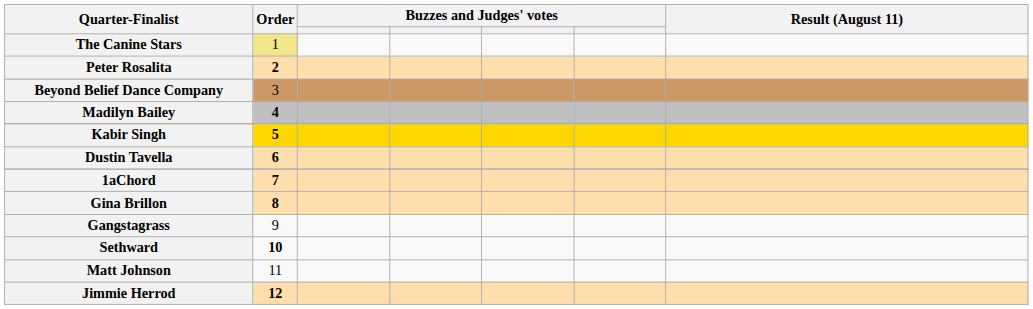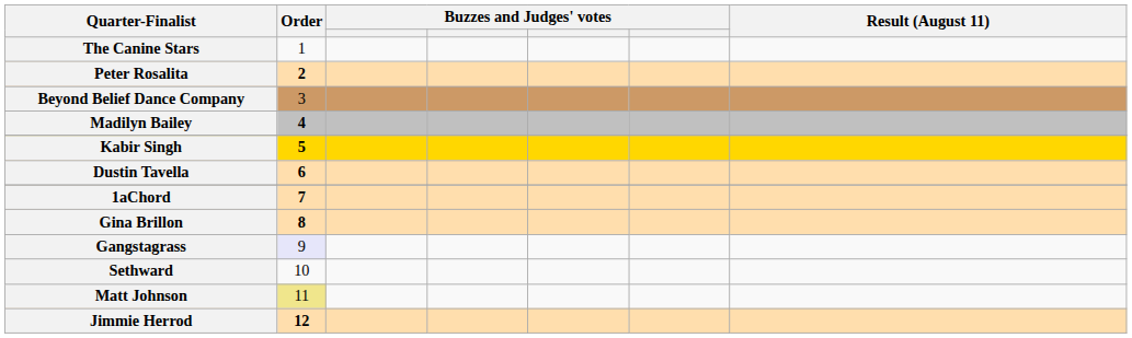 <table class="wikitable plainrowheaders sortable" style="text-align:center;">
 <tr>
 <th scope="col" rowspan="2" class="unsortable" style="width:17em;">Quarter-Finalist</th>
 <th scope="col" rowspan="2" style="width:1em;">Order</th>
 <th scope="col" colspan="4" class="unsortable" style="width:24em;">Buzzes and Judges' votes</th>
 <th scope="col" rowspan="2" style="width:25em;">Result (August 11)</th>
 </tr>
 <tr>
 <th scope="col" class="unsortable" style="width:6em;"></th>
 <th scope="col" class="unsortable" style="width:6em;"></th>
 <th scope="col" class="unsortable" style="width:6em;"></th>
 <th scope="col" class="unsortable" style="width:6em;"></th>
 </tr>
 <tr>
 <th scope="row">The Canine Stars</th>
-<td style="background: khaki;">1</td>
+<td>1</td>
 <td style="text-align:center;"></td>
 <td style="text-align:center;"></td>
 <td style="text-align:center;"></td>
 <td style="text-align:center;"></td>
 <td></td>
 </tr>
 <tr style="background:NavajoWhite">
 <th scope="row"><strong>Peter Rosalita</strong></th>
 <td><strong>2</strong></td>
 <td style="text-align:center;"></td>
 <td style="text-align:center;"></td>
 <td style="text-align:center;"></td>
 <td style="text-align:center;"></td>
 <td><strong></strong></td>
 </tr>
 <tr style="background:#c96">
 <th scope="row">Beyond Belief Dance Company </th>
 <td>3</td>
 <td style="text-align:center;"></td>
 <td style="text-align:center;"></td>
 <td style="text-align:center;"></td>
 <td style="text-align:center;"></td>
 <td></td>
 </tr>
 <tr style="background:silver">
 <th scope="row"><strong>Madilyn Bailey</strong></th>
 <td><strong>4</strong></td>
 <td style="text-align:center;"></td>
 <td style="text-align:center;"></td>
 <td style="text-align:center;"></td>
 <td style="text-align:center;"></td>
 <td><strong></strong></td>
 </tr>
 <tr>
 </tr>
 <tr style="background:gold">
 <th scope="row"><strong>Kabir Singh</strong></th>
 <td><strong>5</strong></td>
 <td style="text-align:center;"></td>
 <td style="text-align:center;"></td>
 <td style="text-align:center;"></td>
 <td style="text-align:center;"></td>
 <td><strong></strong></td>
 </tr>
 <tr style="background:NavajoWhite">
 <th scope="row"><strong>Dustin Tavella</strong></th>
 <td><strong>6</strong></td>
 <td style="text-align:center;"></td>
 <td style="text-align:center;"></td>
 <td style="text-align:center;"></td>
 <td style="text-align:center;"></td>
 <td><strong></strong></td>
 </tr>
 <tr>
 </tr>
 <tr style="background:NavajoWhite">
 <th scope="row"><strong>1aChord</strong></th>
 <td><strong>7</strong></td>
 <td style="text-align:center;"></td>
 <td style="text-align:center;"></td>
 <td style="text-align:center;"></td>
 <td style="text-align:center;"></td>
 <td><strong></strong></td>
 </tr>
 <tr style="background:NavajoWhite">
 <th scope="row"><strong>Gina Brillon</strong></th>
 <td><strong>8</strong></td>
 <td style="text-align:center;"></td>
 <td style="text-align:center;"></td>
 <td style="text-align:center;"></td>
 <td style="text-align:center;"></td>
 <td><strong></strong></td>
 </tr>
 <tr>
 <th scope="row">Gangstagrass</th>
-<td>9</td>
+<td style="background: lavender;">9</td>
 <td style="text-align:center;"></td>
 <td style="text-align:center;"></td>
 <td style="text-align:center;"></td>
 <td style="text-align:center;"></td>
 <td></td>
 </tr>
 <tr>
 <th scope="row">Sethward</th>
-<td><strong>10</strong></td>
+<td>10</td>
 <td style="text-align:center;"></td>
 <td style="text-align:center;"></td>
 <td style="text-align:center;"></td>
 <td style="text-align:center;"></td>
 <td></td>
 </tr>
 <tr>
 <th scope="row">Matt Johnson</th>
-<td>11</td>
+<td style="background: khaki;">11</td>
 <td style="text-align:center;"></td>
 <td style="text-align:center;"></td>
 <td style="text-align:center;"></td>
 <td style="text-align:center;"></td>
 <td></td>
 </tr>
 <tr style="background:NavajoWhite">
 <th scope="row"><strong>Jimmie Herrod</strong></th>
 <td><strong>12</strong></td>
 <td style="text-align:center;"></td>
 <td style="text-align:center;"></td>
 <td style="text-align:center;"></td>
 <td style="text-align:center;"></td>
 <td><strong></strong></td>
 </tr>
 </table>
